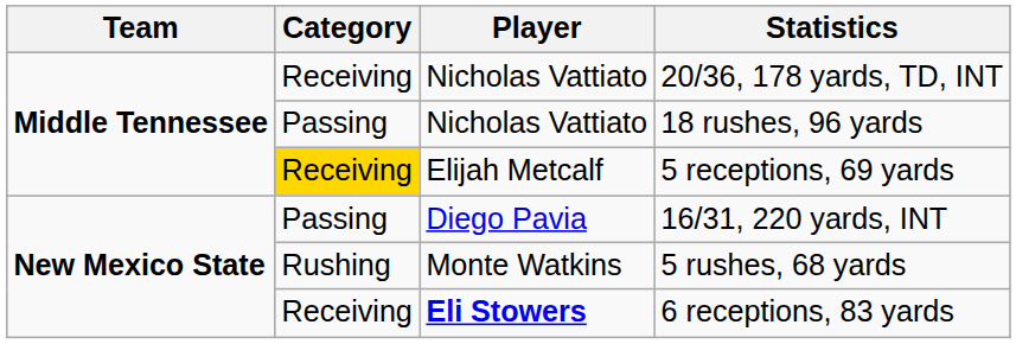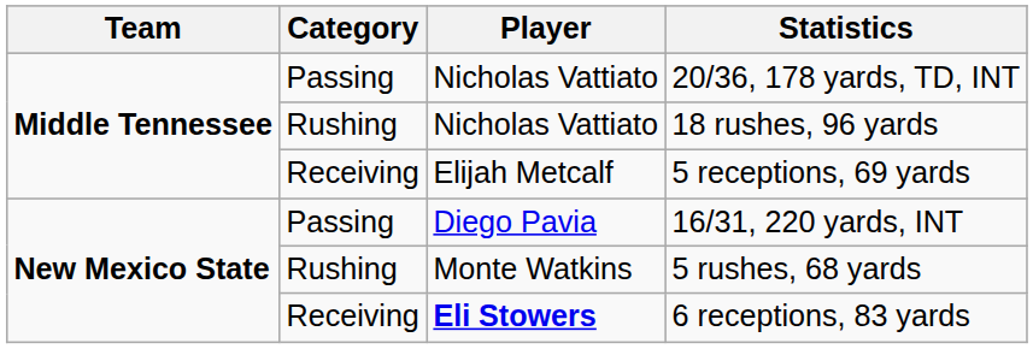 <table class="wikitable" style="float: right;">
 <tr>
 <th>Team</th>
 <th>Category</th>
 <th>Player</th>
 <th>Statistics</th>
 </tr>
 <tr>
 <td rowspan=3><strong>Middle Tennessee</strong></td>
-<td>Receiving</td>
+<td>Passing</td>
 <td>Nicholas Vattiato</td>
 <td>20/36, 178 yards, TD, INT</td>
 </tr>
 <tr>
-<td>Passing</td>
+<td>Rushing</td>
 <td>Nicholas Vattiato</td>
 <td>18 rushes, 96 yards</td>
 </tr>
 <tr>
-<td style="background: gold;">Receiving</td>
+<td>Receiving</td>
 <td>Elijah Metcalf</td>
 <td>5 receptions, 69 yards</td>
 </tr>
 <tr>
 <td rowspan=3><strong>New Mexico State</strong></td>
 <td>Passing</td>
 <td><a href='#'>Diego Pavia</a></td>
 <td>16/31, 220 yards, INT</td>
 </tr>
 <tr>
 <td>Rushing</td>
 <td>Monte Watkins</td>
 <td>5 rushes, 68 yards</td>
 </tr>
 <tr>
 <td>Receiving</td>
 <td><strong><a href='#'>Eli Stowers</a></strong></td>
 <td>6 receptions, 83 yards</td>
 </tr>
 </table>
